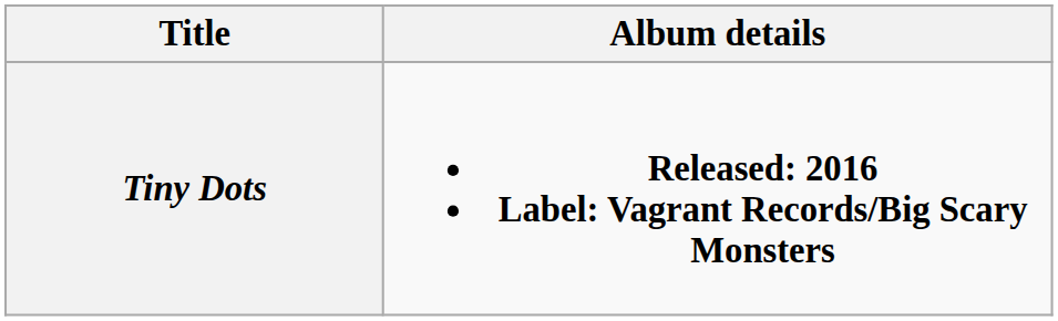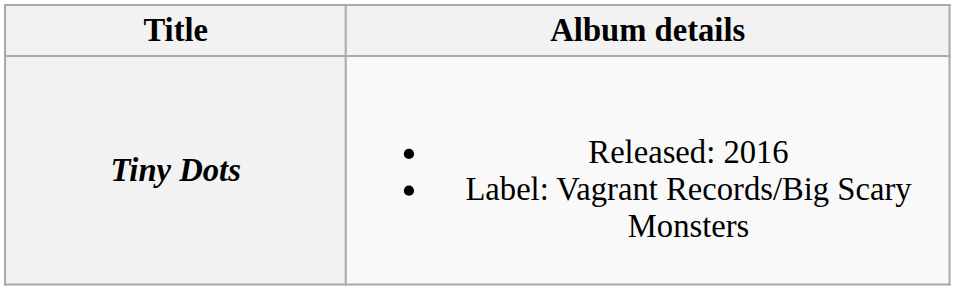 <table class="wikitable plainrowheaders" style="text-align:center;">
 <tr>
 <th rowspan="1" scope="col" style="width:10em;">Title</th>
 <th rowspan="1" scope="col" style="width:18em;">Album details</th>
 </tr>
 <tr>
 <th scope="row"><em>Tiny Dots</em></th>
-<td><strong><br><ul><li>Released: 2016</li><li>Label: Vagrant Records/Big Scary Monsters</li></ul></strong></td>
+<td><br><ul><li>Released: 2016</li><li>Label: Vagrant Records/Big Scary Monsters</li></ul></td>
 </tr>
 </table>
